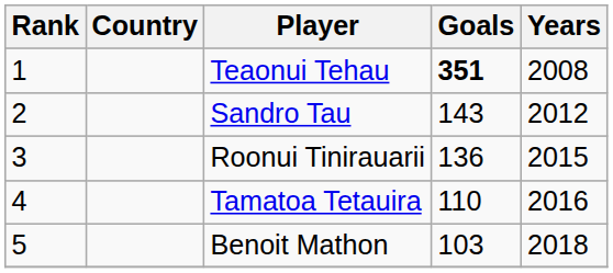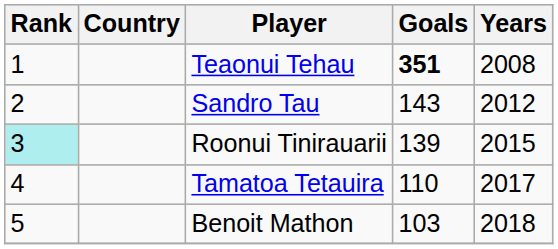 <table class="wikitable" style="text–align:center;">
 <tr>
 <th>Rank</th>
 <th>Country</th>
 <th>Player</th>
 <th>Goals</th>
 <th>Years</th>
 </tr>
 <tr>
 <td>1</td>
 <td></td>
 <td><a href='#'>Teaonui Tehau</a></td>
 <td><strong>351</strong></td>
 <td>2008</td>
 </tr>
 <tr>
 <td>2</td>
 <td></td>
 <td><a href='#'>Sandro Tau</a></td>
 <td>143</td>
 <td>2012</td>
 </tr>
 <tr>
-<td>3</td>
+<td style="background: paleturquoise;">3</td>
 <td></td>
 <td>Roonui Tinirauarii</td>
-<td>136</td>
+<td>139</td>
 <td>2015</td>
 </tr>
 <tr>
 <td>4</td>
 <td></td>
 <td><a href='#'>Tamatoa Tetauira</a></td>
 <td>110</td>
-<td>2016</td>
+<td>2017</td>
 </tr>
 <tr>
 <td>5</td>
 <td></td>
 <td>Benoit Mathon</td>
 <td>103</td>
 <td>2018</td>
 </tr>
 <tr>
 </tr>
 </table>
